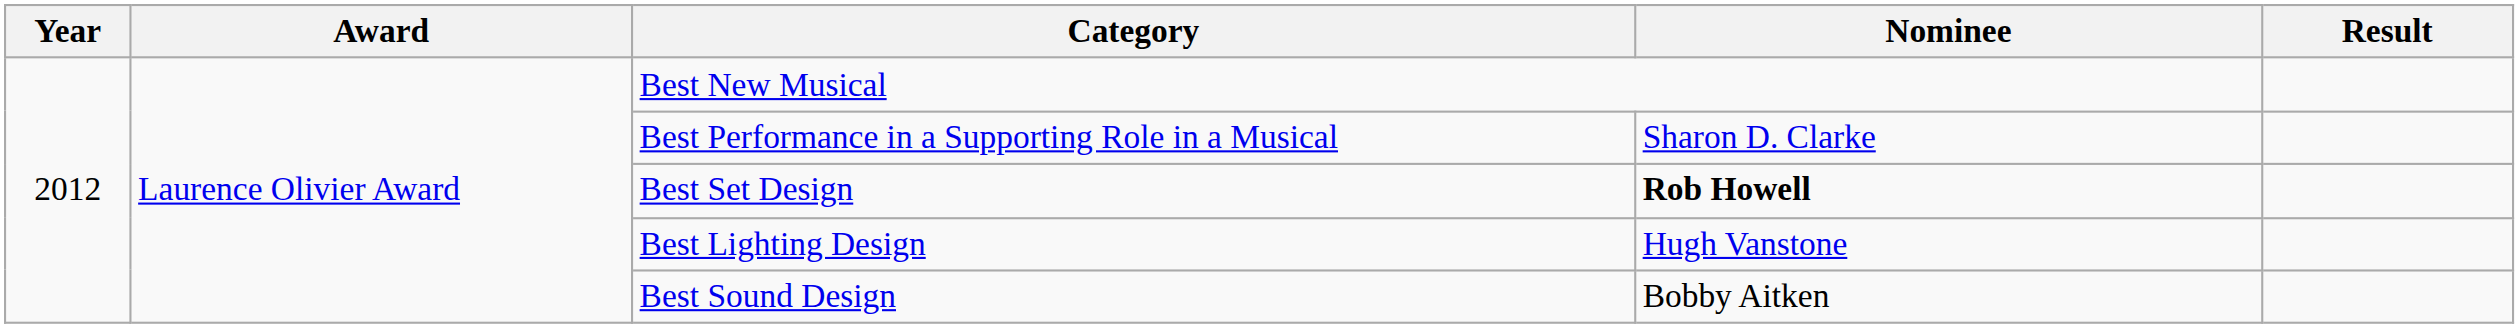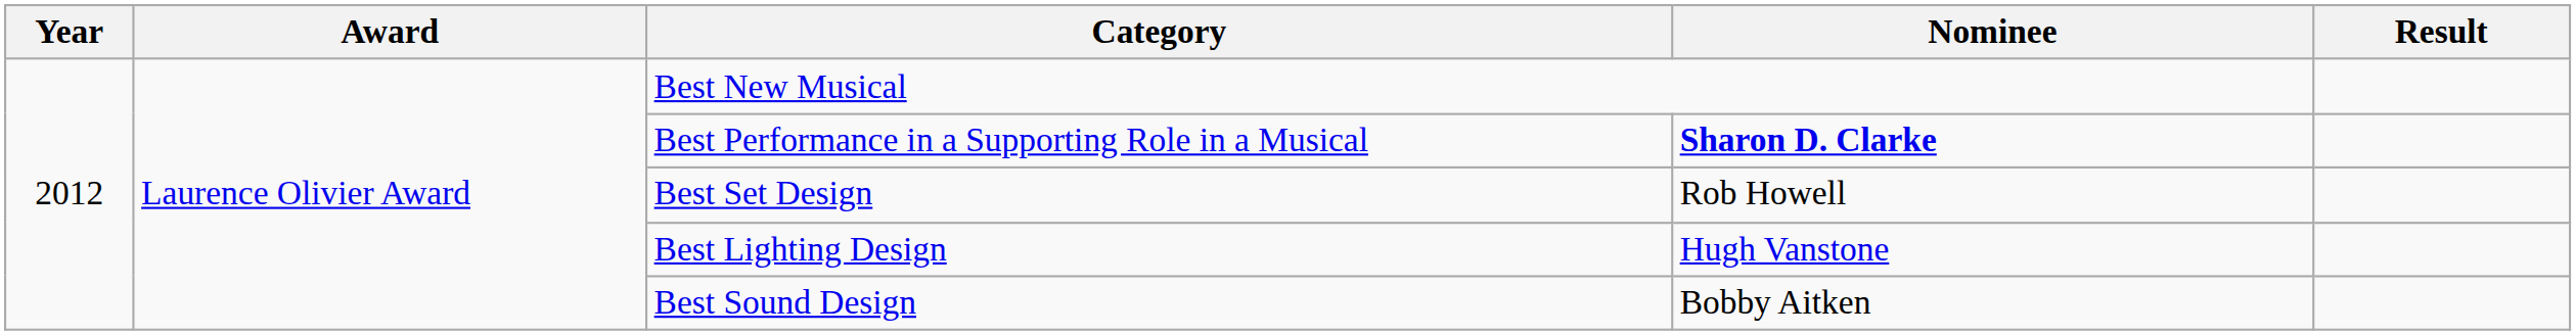 <table class="wikitable" width="95%">
 <tr>
 <th width="5%">Year</th>
 <th width="20%">Award</th>
 <th width="40%">Category</th>
 <th width="25%">Nominee</th>
 <th width="10%">Result</th>
 </tr>
 <tr>
 <td rowspan="5" align="center">2012</td>
 <td rowspan="5"><a href='#'>Laurence Olivier Award</a></td>
 <td colspan="2"><a href='#'>Best New Musical</a></td>
 <td></td>
 </tr>
 <tr>
 <td><a href='#'>Best Performance in a Supporting Role in a Musical</a></td>
-<td><a href='#'>Sharon D. Clarke</a></td>
+<td><strong><a href='#'>Sharon D. Clarke</a></strong></td>
 <td></td>
 </tr>
 <tr>
 <td><a href='#'>Best Set Design</a></td>
-<td><strong>Rob Howell</strong></td>
+<td>Rob Howell</td>
 <td></td>
 </tr>
 <tr>
 <td><a href='#'>Best Lighting Design</a></td>
 <td><a href='#'>Hugh Vanstone</a></td>
 <td></td>
 </tr>
 <tr>
 <td><a href='#'>Best Sound Design</a></td>
 <td>Bobby Aitken</td>
 <td></td>
 </tr>
 </table>
